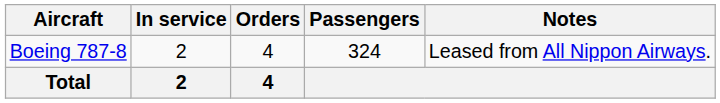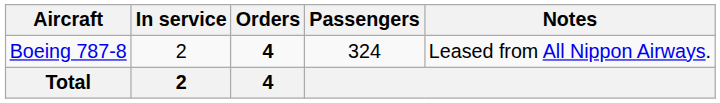 <table class="wikitable" style="border-collapse:collapse;text-align:center;margin:auto;margin-left:auto;margin-right:auto;">
 <tr>
 <th>Aircraft</th>
 <th>In service</th>
 <th>Orders</th>
 <th>Passengers</th>
 <th>Notes</th>
 </tr>
 <tr>
 <td><a href='#'>Boeing 787-8</a></td>
 <td>2</td>
-<td>4</td>
+<td><strong>4</strong></td>
 <td>324</td>
 <td>Leased from <a href='#'>All Nippon Airways</a>.</td>
 </tr>
 <tr>
 <th>Total</th>
 <th>2</th>
 <th>4</th>
 <th colspan="2"></th>
 </tr>
 </table>
